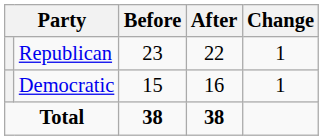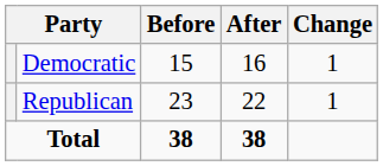 <table class="wikitable" style="text-align:center;">
 <tr>
 <th colspan="2">Party</th>
 <th>Before</th>
 <th>After</th>
 <th>Change</th>
 </tr>
 <tr>
 <th style="background-color:"></th>
-<td style="text-align:left;"><a href='#'>Republican</a></td>
-<td>23</td>
-<td>22</td>
+<td style="text-align:left;"><a href='#'>Democratic</a></td>
+<td>15</td>
+<td>16</td>
 <td> 1</td>
 </tr>
 <tr>
 <th style="background-color:"></th>
-<td style="text-align:left;"><a href='#'>Democratic</a></td>
-<td>15</td>
-<td>16</td>
+<td style="text-align:left;"><a href='#'>Republican</a></td>
+<td>23</td>
+<td>22</td>
 <td> 1</td>
 </tr>
 <tr>
 <td colspan="2"><strong>Total</strong></td>
 <td><strong>38</strong></td>
 <td><strong>38</strong></td>
 <td></td>
 </tr>
 </table>
